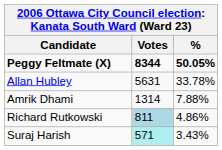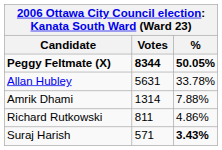 <table class="wikitable">
 <tr>
 <th colspan="3"><a href='#'>2006 Ottawa City Council election</a>: <a href='#'>Kanata South Ward</a> (Ward 23)</th>
 </tr>
 <tr>
 <th style="width: 170px">Candidate</th>
 <th style="width: 50px">Votes</th>
 <th style="width: 40px">%</th>
 </tr>
 <tr>
 <td><strong>Peggy Feltmate (X)</strong></td>
 <td><strong>8344</strong></td>
 <td><strong>50.05%</strong></td>
 </tr>
 <tr>
 <td><a href='#'>Allan Hubley</a></td>
 <td>5631</td>
 <td>33.78%</td>
 </tr>
 <tr>
 <td>Amrik Dhami</td>
 <td>1314</td>
 <td>7.88%</td>
 </tr>
 <tr>
 <td>Richard Rutkowski</td>
-<td style="background: lightblue;">811</td>
+<td>811</td>
 <td>4.86%</td>
 </tr>
 <tr>
 <td>Suraj Harish</td>
-<td style="background: paleturquoise;">571</td>
-<td>3.43%</td>
+<td>571</td>
+<td><strong>3.43%</strong></td>
 </tr>
 </table>
